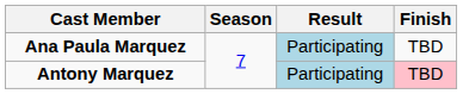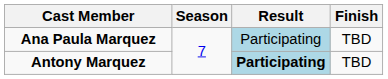 <table class="wikitable sortable" style="text-align: center">
 <tr>
 <th width=175>Cast Member</th>
 <th width=050>Season</th>
 <th width=100>Result</th>
 <th width=050>Finish</th>
 </tr>
 <tr>
 <td><strong>Ana Paula Marquez</strong><br></td>
 <td rowspan=2><a href='#'>7</a></td>
 <td bgcolor=ADD8E6 nowrap>Participating</td>
 <td>TBD</td>
 </tr>
 <tr>
 <td><strong>Antony Marquez</strong><br></td>
-<td bgcolor=ADD8E6 nowrap>Participating</td>
-<td style="background: pink;">TBD</td>
+<td bgcolor=ADD8E6 nowrap><strong>Participating</strong></td>
+<td>TBD</td>
 </tr>
 </table>
